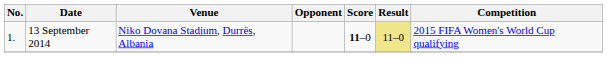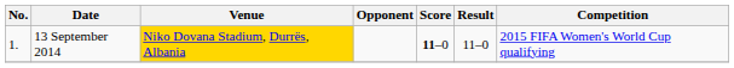 <table class="wikitable">
 <tr>
 <th>No.</th>
 <th>Date</th>
 <th>Venue</th>
 <th>Opponent</th>
 <th>Score</th>
 <th>Result</th>
 <th>Competition</th>
 </tr>
 <tr>
 <td>1.</td>
 <td>13 September 2014</td>
-<td><a href='#'>Niko Dovana Stadium</a>, <a href='#'>Durrës</a>, <a href='#'>Albania</a></td>
+<td style="background: gold;"><a href='#'>Niko Dovana Stadium</a>, <a href='#'>Durrës</a>, <a href='#'>Albania</a></td>
 <td></td>
 <td align=center><strong>11</strong>–0</td>
-<td align=center style="background: khaki;">11–0</td>
+<td align=center>11–0</td>
 <td><a href='#'>2015 FIFA Women's World Cup qualifying</a></td>
 </tr>
 <tr>
 </tr>
 </table>
